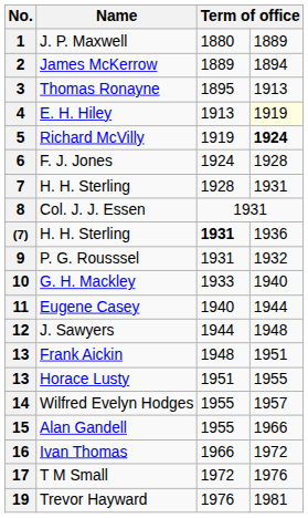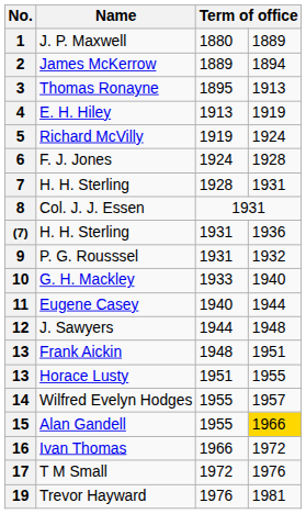 <table class="wikitable">
 <tr>
 <th>No.</th>
 <th>Name</th>
 <th colspan="2">Term of office</th>
 </tr>
 <tr>
 <th>1</th>
 <td>J. P. Maxwell</td>
 <td>1880</td>
 <td>1889</td>
 </tr>
 <tr>
 <th>2</th>
 <td><a href='#'>James McKerrow</a></td>
 <td>1889</td>
 <td>1894</td>
 </tr>
 <tr>
 <th>3</th>
 <td><a href='#'>Thomas Ronayne</a></td>
 <td>1895</td>
 <td>1913</td>
 </tr>
 <tr>
 <th>4</th>
 <td><a href='#'>E. H. Hiley</a></td>
 <td>1913</td>
-<td style="background: lightyellow;">1919</td>
+<td>1919</td>
 </tr>
 <tr>
 <th>5</th>
 <td><a href='#'>Richard McVilly</a></td>
 <td>1919</td>
-<td><strong>1924</strong></td>
+<td>1924</td>
 </tr>
 <tr>
 <th>6</th>
 <td>F. J. Jones</td>
 <td>1924</td>
 <td>1928</td>
 </tr>
 <tr>
 <th>7</th>
 <td>H. H. Sterling</td>
 <td>1928</td>
 <td>1931</td>
 </tr>
 <tr>
 <th>8</th>
 <td>Col. J. J. Essen</td>
 <td colspan="2" style="text-align: center;">1931</td>
 </tr>
 <tr>
 <th><small>(7)</small></th>
 <td>H. H. Sterling</td>
-<td><strong>1931</strong></td>
+<td>1931</td>
 <td>1936</td>
 </tr>
 <tr>
 <th>9</th>
 <td>P. G. Rousssel</td>
 <td>1931</td>
 <td>1932</td>
 </tr>
 <tr>
 <th>10</th>
 <td><a href='#'>G. H. Mackley</a></td>
 <td>1933</td>
 <td>1940</td>
 </tr>
 <tr>
 <th>11</th>
 <td><a href='#'>Eugene Casey</a></td>
 <td>1940</td>
 <td>1944</td>
 </tr>
 <tr>
 <th>12</th>
 <td>J. Sawyers</td>
 <td>1944</td>
 <td>1948</td>
 </tr>
 <tr>
 <th>13</th>
 <td><a href='#'>Frank Aickin</a></td>
 <td>1948</td>
 <td>1951</td>
 </tr>
 <tr>
 <th>13</th>
 <td><a href='#'>Horace Lusty</a></td>
 <td>1951</td>
 <td>1955</td>
 </tr>
 <tr>
 <th>14</th>
 <td>Wilfred Evelyn Hodges</td>
 <td>1955</td>
 <td>1957</td>
 </tr>
 <tr>
 <th>15</th>
 <td><a href='#'>Alan Gandell</a></td>
 <td>1955</td>
-<td>1966</td>
+<td style="background: gold;">1966</td>
 </tr>
 <tr>
 <th>16</th>
 <td><a href='#'>Ivan Thomas</a></td>
 <td>1966</td>
 <td>1972</td>
 </tr>
 <tr>
 <th>17</th>
 <td>T M Small</td>
 <td>1972</td>
 <td>1976</td>
 </tr>
 <tr>
 <th>19</th>
 <td>Trevor Hayward</td>
 <td>1976</td>
 <td>1981</td>
 </tr>
 </table>
